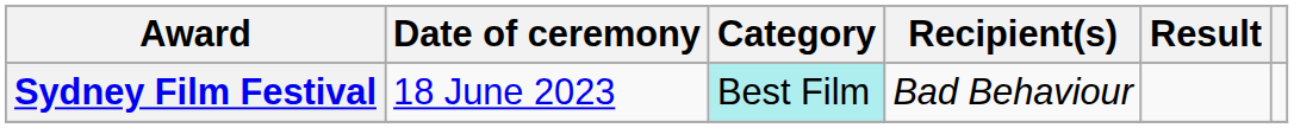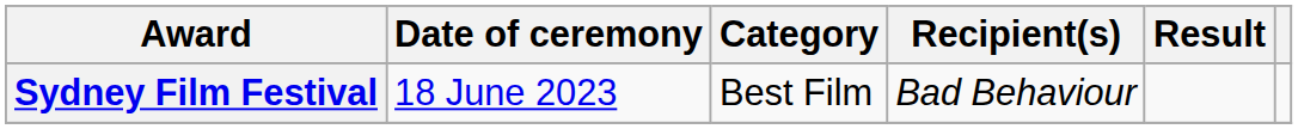 <table class="wikitable sortable plainrowheaders">
 <tr>
 <th scope="col">Award</th>
 <th scope="col">Date of ceremony</th>
 <th scope="col">Category</th>
 <th scope="col">Recipient(s)</th>
 <th scope="col">Result</th>
 <th scope="col" class="unsortable"></th>
 </tr>
 <tr>
 <th scope="row"><a href='#'>Sydney Film Festival</a></th>
 <td><a href='#'>18 June 2023</a></td>
-<td style="background: paleturquoise;">Best Film</td>
+<td>Best Film</td>
 <td><em>Bad Behaviour</em></td>
 <td></td>
 <td style="text-align:center;"></td>
 </tr>
 <tr>
 </tr>
 </table>
